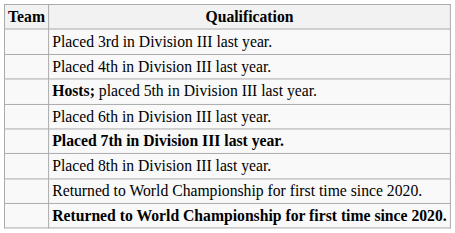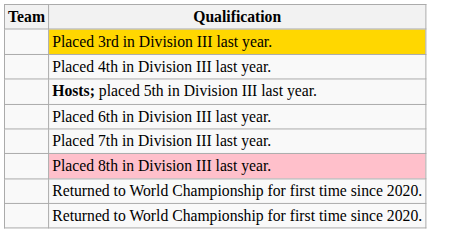 <table class="wikitable">
 <tr>
 <th>Team</th>
 <th>Qualification</th>
 </tr>
 <tr>
 <td></td>
-<td>Placed 3rd in Division III last year.</td>
+<td style="background: gold;">Placed 3rd in Division III last year.</td>
 </tr>
 <tr>
 <td></td>
 <td>Placed 4th in Division III last year.</td>
 </tr>
 <tr>
 <td></td>
 <td><strong>Hosts;</strong> placed 5th in Division III last year.</td>
 </tr>
 <tr>
 <td></td>
 <td>Placed 6th in Division III last year.</td>
 </tr>
 <tr>
 <td></td>
-<td><strong>Placed 7th in Division III last year.</strong></td>
+<td>Placed 7th in Division III last year.</td>
 </tr>
 <tr>
 <td></td>
-<td>Placed 8th in Division III last year.</td>
+<td style="background: pink;">Placed 8th in Division III last year.</td>
 </tr>
 <tr>
 <td></td>
 <td>Returned to World Championship for first time since 2020.</td>
 </tr>
 <tr>
 <td></td>
-<td><strong>Returned to World Championship for first time since 2020.</strong></td>
+<td>Returned to World Championship for first time since 2020.</td>
 </tr>
 </table>
